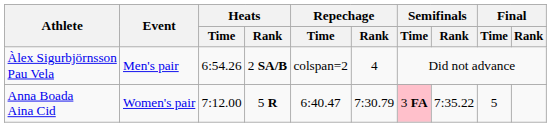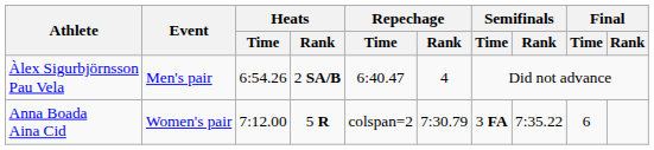 <table class="wikitable" style="font-size:90%">
 <tr>
 <th rowspan="2">Athlete</th>
 <th rowspan="2">Event</th>
 <th colspan="2">Heats</th>
 <th colspan="2">Repechage</th>
 <th colspan="2">Semifinals</th>
 <th colspan="2">Final</th>
 </tr>
 <tr style="font-size:95%">
 <th>Time</th>
 <th>Rank</th>
 <th>Time</th>
 <th>Rank</th>
 <th>Time</th>
 <th>Rank</th>
 <th>Time</th>
 <th>Rank</th>
 </tr>
 <tr align=center>
 <td align=left><a href='#'>Àlex Sigurbjörnsson</a><br><a href='#'>Pau Vela</a></td>
 <td align=left><a href='#'>Men's pair</a></td>
 <td>6:54.26</td>
 <td>2 <strong>SA/B</strong></td>
-<td>colspan=2 </td>
+<td>6:40.47</td>
 <td>4</td>
 <td colspan=4>Did not advance</td>
 </tr>
 <tr align=center>
 <td align=left><a href='#'>Anna Boada</a><br><a href='#'>Aina Cid</a></td>
 <td align=left><a href='#'>Women's pair</a></td>
 <td>7:12.00</td>
 <td>5 <strong>R</strong></td>
-<td>6:40.47</td>
+<td>colspan=2 </td>
 <td>7:30.79</td>
-<td style="background: pink;">3 <strong>FA</strong></td>
+<td>3 <strong>FA</strong></td>
 <td>7:35.22</td>
-<td>5</td>
+<td>6</td>
 </tr>
 </table>
